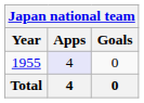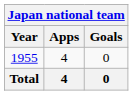 <table class="wikitable" style="text-align:center">
 <tr>
 <th colspan=3><a href='#'>Japan national team</a></th>
 </tr>
 <tr>
 <th>Year</th>
 <th>Apps</th>
 <th>Goals</th>
 </tr>
 <tr>
 <td><a href='#'>1955</a></td>
-<td style="background: lavender;">4</td>
+<td>4</td>
 <td>0</td>
 </tr>
 <tr>
 <th>Total</th>
 <th>4</th>
 <th>0</th>
 </tr>
 </table>
